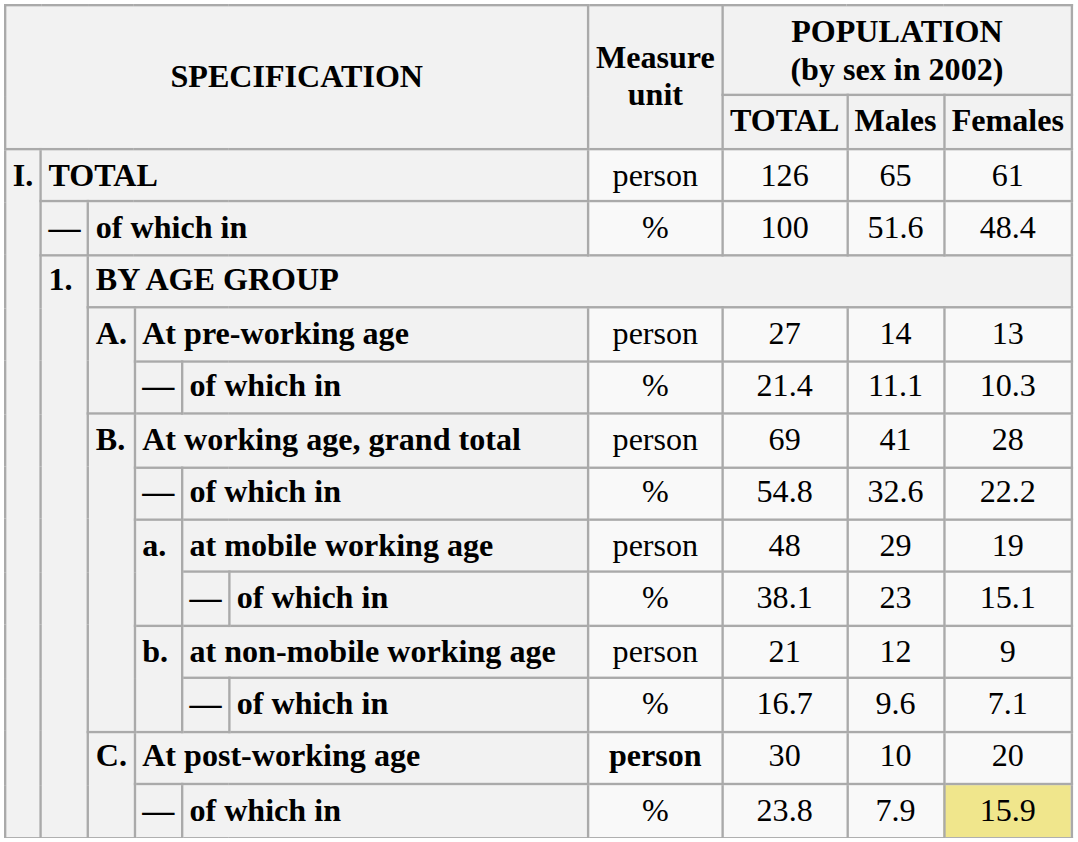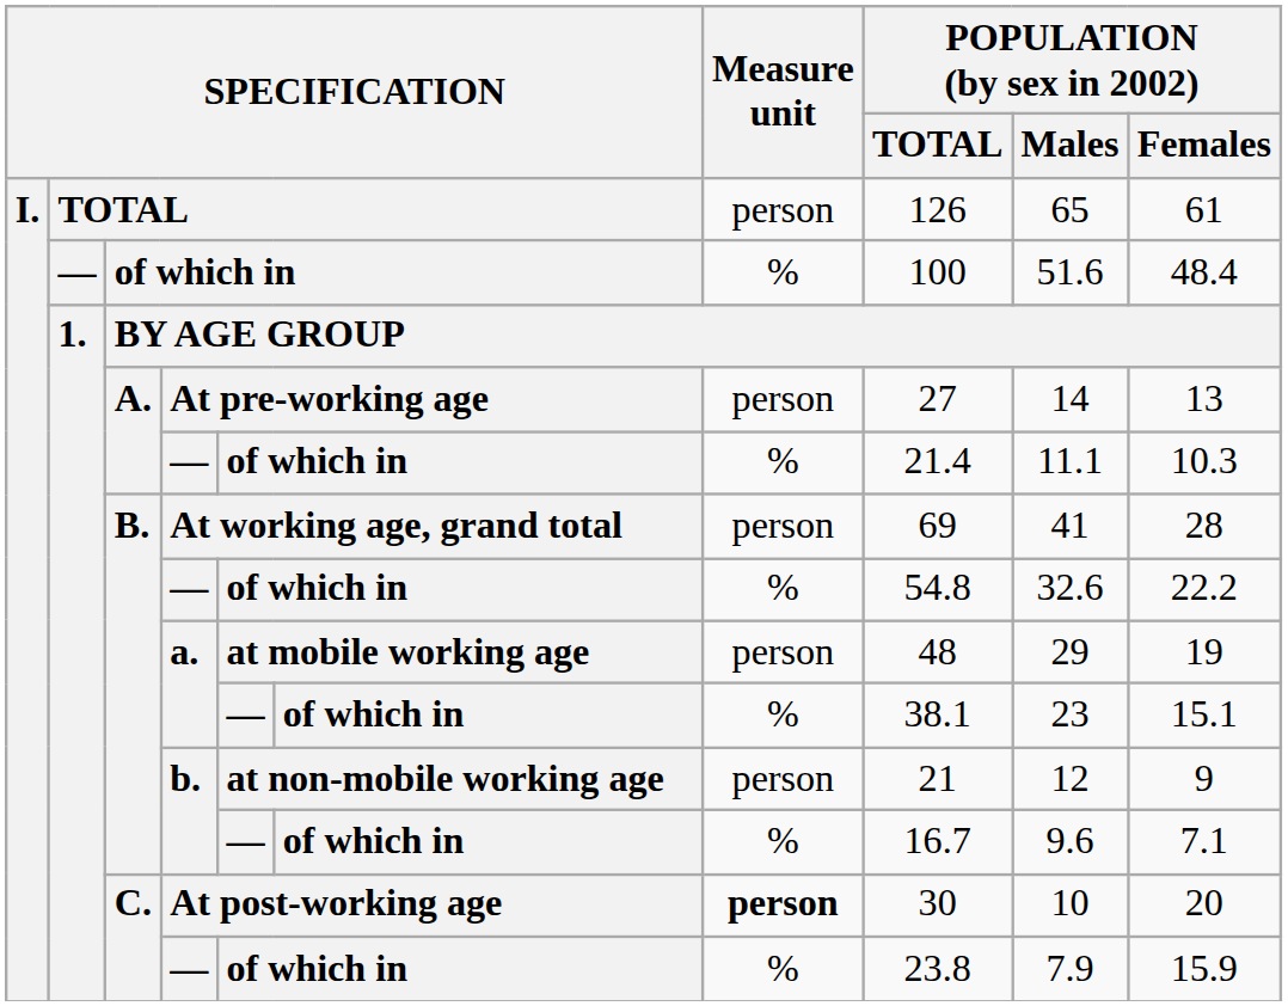 <table class="wikitable" style="font-size:85%; text-align:center">
 <tr>
 <th rowspan="2" colspan="6">SPECIFICATION</th>
 <th rowspan="2">Measure<br> unit</th>
 <th colspan="3" rowspan="1">POPULATION<br> (by sex in 2002)</th>
 </tr>
 <tr>
 <th>TOTAL</th>
 <th>Males</th>
 <th>Females</th>
 </tr>
 <tr>
 <th style="text-align:left" valign="top" rowspan="13">I.</th>
 <th style="text-align:left" colspan="5">TOTAL</th>
 <td>person</td>
 <td>126</td>
 <td>65</td>
 <td>61</td>
 </tr>
 <tr>
 <th style="text-align:left" valign="top">—</th>
 <th style="text-align:left" colspan="4">of which in</th>
 <td>%</td>
 <td>100</td>
 <td>51.6</td>
 <td>48.4</td>
 </tr>
 <tr>
 <th style="text-align:left" valign="top" rowspan="11">1.</th>
 <th style="text-align:left" colspan="19">BY AGE GROUP</th>
 </tr>
 <tr>
 <th style="text-align:left" valign="top" rowspan="2">A.</th>
 <th style="text-align:left" colspan="3">At pre-working age</th>
 <td>person</td>
 <td>27</td>
 <td>14</td>
 <td>13</td>
 </tr>
 <tr>
 <th style="text-align:left" valign="top">—</th>
 <th style="text-align:left" valign="top" colspan="2">of which in</th>
 <td>%</td>
 <td>21.4</td>
 <td>11.1</td>
 <td>10.3</td>
 </tr>
 <tr>
 <th style="text-align:left" valign="top" rowspan="6">B.</th>
 <th style="text-align:left" colspan="3">At working age, grand total</th>
 <td>person</td>
 <td>69</td>
 <td>41</td>
 <td>28</td>
 </tr>
 <tr>
 <th style="text-align:left" valign="top">—</th>
 <th style="text-align:left" valign="top" colspan="2">of which in</th>
 <td>%</td>
 <td>54.8</td>
 <td>32.6</td>
 <td>22.2</td>
 </tr>
 <tr>
 <th style="text-align:left" valign="top" rowspan="2">a.</th>
 <th style="text-align:left" colspan="2">at mobile working age</th>
 <td>person</td>
 <td>48</td>
 <td>29</td>
 <td>19</td>
 </tr>
 <tr>
 <th style="text-align:left" valign="top">—</th>
 <th style="text-align:left" valign="top" colspan="1">of which in                        </th>
 <td>%</td>
 <td>38.1</td>
 <td>23</td>
 <td>15.1</td>
 </tr>
 <tr>
 <th style="text-align:left" valign="top" rowspan="2">b.</th>
 <th style="text-align:left" colspan="2">at non-mobile working age</th>
 <td>person</td>
 <td>21</td>
 <td>12</td>
 <td>9</td>
 </tr>
 <tr>
 <th style="text-align:left" valign="top">—</th>
 <th style="text-align:left" valign="top" colspan="1">of which in                        </th>
 <td>%</td>
 <td>16.7</td>
 <td>9.6</td>
 <td>7.1</td>
 </tr>
 <tr>
 <th style="text-align:left" valign="top" rowspan="2">C.</th>
 <th style="text-align:left" colspan="3">At post-working age</th>
 <td><strong>person</strong></td>
 <td>30</td>
 <td>10</td>
 <td>20</td>
 </tr>
 <tr>
 <th style="text-align:left" valign="top">—</th>
 <th style="text-align:left" valign="top" colspan="2">of which in</th>
 <td>%</td>
 <td>23.8</td>
 <td>7.9</td>
-<td style="background: khaki;">15.9</td>
+<td>15.9</td>
 </tr>
 </table>
